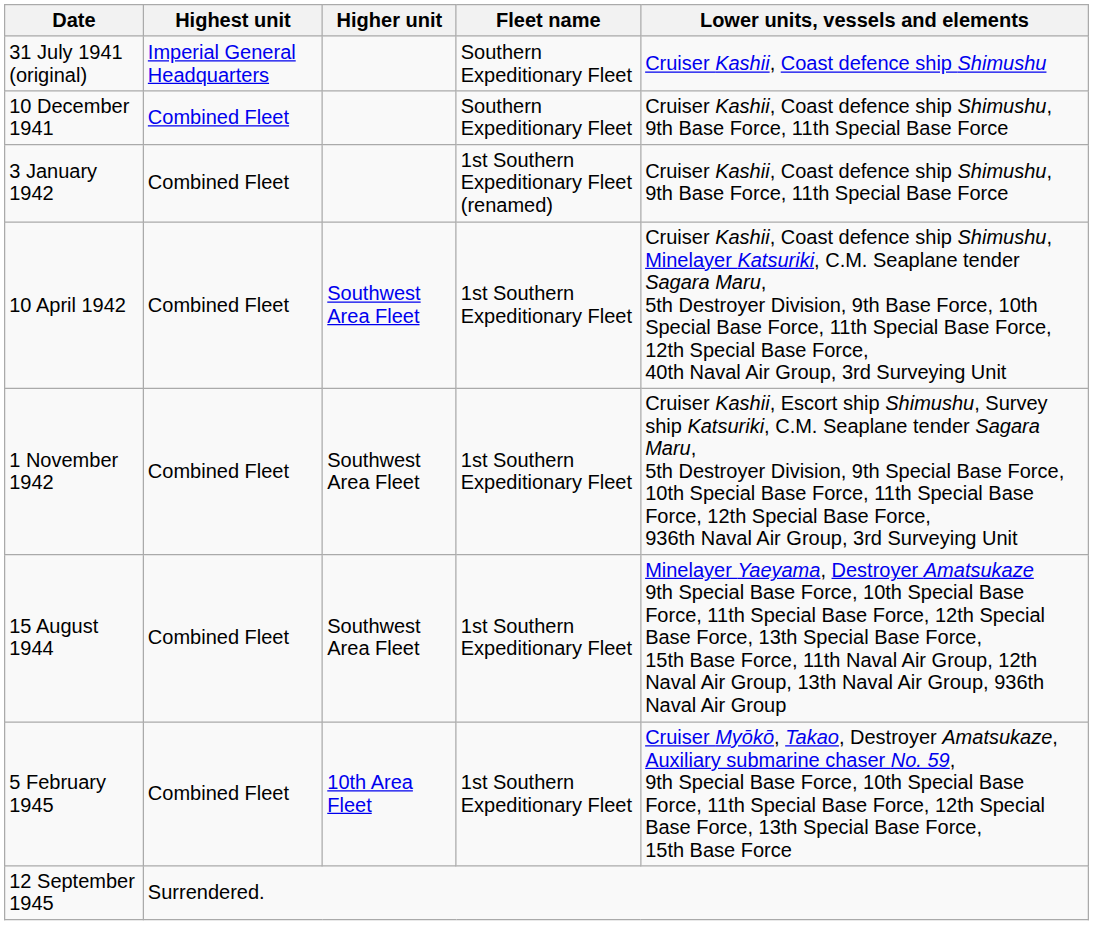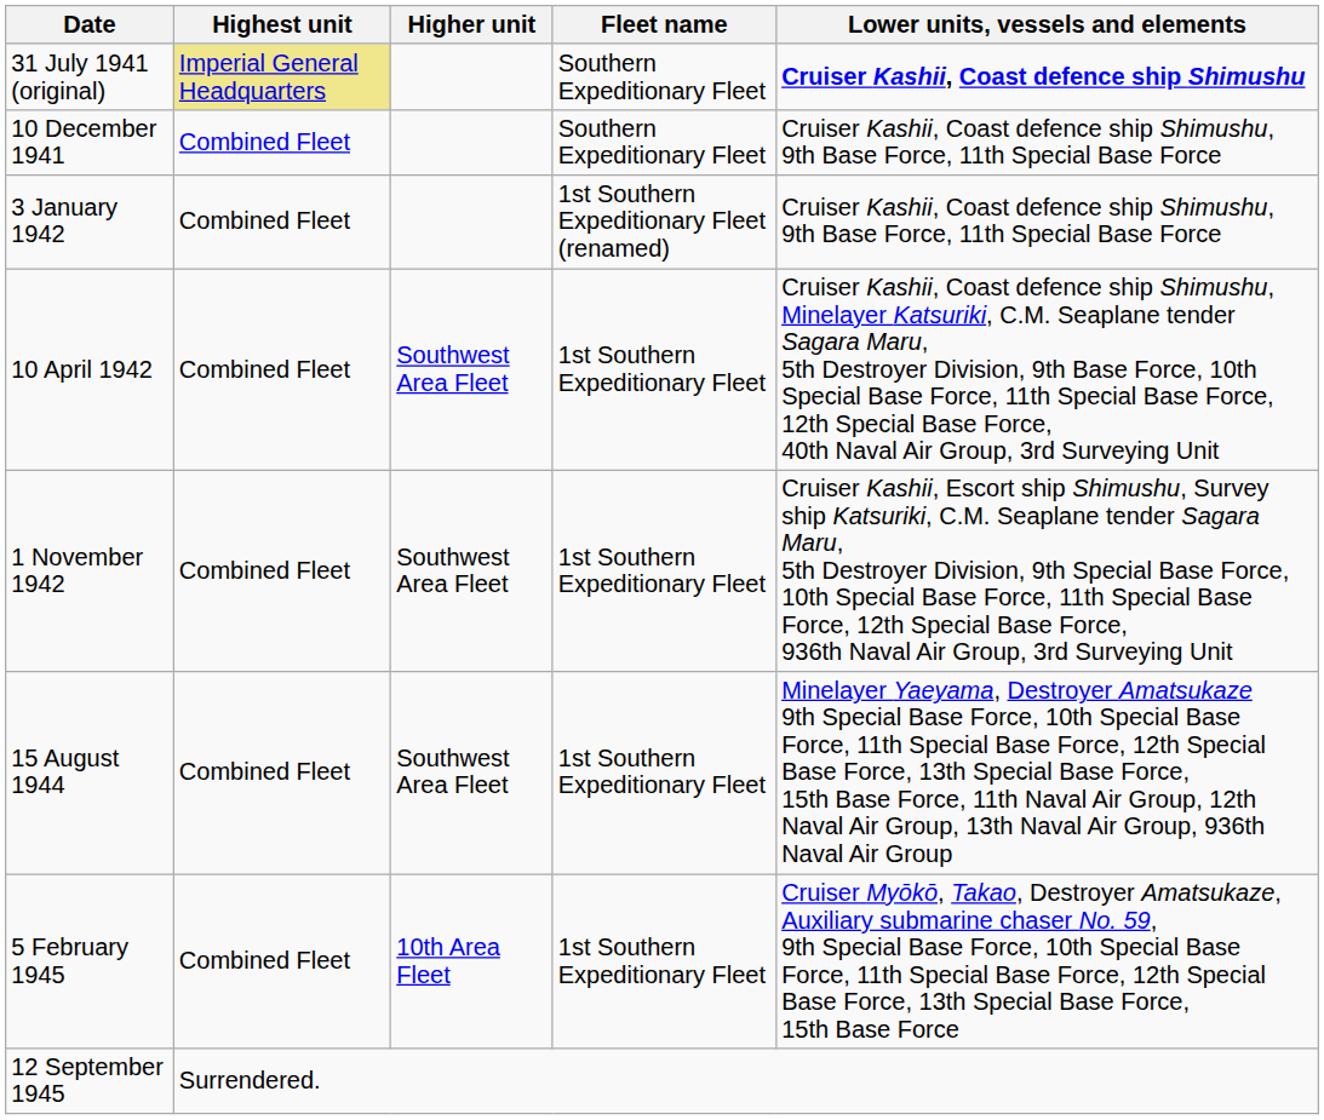 <table class="wikitable">
 <tr>
 <th>Date</th>
 <th>Highest unit</th>
 <th>Higher unit</th>
 <th>Fleet name</th>
 <th>Lower units, vessels and elements</th>
 </tr>
 <tr>
 <td>31 July 1941 (original)</td>
-<td><a href='#'>Imperial General Headquarters</a></td>
+<td style="background: khaki;"><a href='#'>Imperial General Headquarters</a></td>
 <td></td>
 <td>Southern Expeditionary Fleet</td>
-<td><a href='#'>Cruiser <em>Kashii</em></a>, <a href='#'>Coast defence ship <em>Shimushu</em></a></td>
+<td><strong><a href='#'>Cruiser <em>Kashii</em></a>, <a href='#'>Coast defence ship <em>Shimushu</em></a></strong></td>
 </tr>
 <tr>
 <td>10 December 1941</td>
 <td><a href='#'>Combined Fleet</a></td>
 <td></td>
 <td>Southern Expeditionary Fleet</td>
 <td>Cruiser <em>Kashii</em>, Coast defence ship <em>Shimushu</em>, 9th Base Force, 11th Special Base Force</td>
 </tr>
 <tr>
 <td>3 January 1942</td>
 <td>Combined Fleet</td>
 <td></td>
 <td>1st Southern Expeditionary Fleet<br>(renamed)</td>
 <td>Cruiser <em>Kashii</em>, Coast defence ship <em>Shimushu</em>, 9th Base Force, 11th Special Base Force</td>
 </tr>
 <tr>
 <td>10 April 1942</td>
 <td>Combined Fleet</td>
 <td><a href='#'>Southwest Area Fleet</a></td>
 <td>1st Southern Expeditionary Fleet</td>
 <td>Cruiser <em>Kashii</em>, Coast defence ship <em>Shimushu</em>, <a href='#'>Minelayer <em>Katsuriki</em></a>, C.M. Seaplane tender <em>Sagara Maru</em>,<br>5th Destroyer Division, 9th Base Force, 10th Special Base Force, 11th Special Base Force, 12th Special Base Force,<br>40th Naval Air Group, 3rd Surveying Unit</td>
 </tr>
 <tr>
 <td>1 November 1942</td>
 <td>Combined Fleet</td>
 <td>Southwest Area Fleet</td>
 <td>1st Southern Expeditionary Fleet</td>
 <td>Cruiser <em>Kashii</em>, Escort ship <em>Shimushu</em>, Survey ship <em>Katsuriki</em>, C.M. Seaplane tender <em>Sagara Maru</em>,<br>5th Destroyer Division, 9th Special Base Force, 10th Special Base Force, 11th Special Base Force, 12th Special Base Force,<br>936th Naval Air Group, 3rd Surveying Unit</td>
 </tr>
 <tr>
 <td>15 August 1944</td>
 <td>Combined Fleet</td>
 <td>Southwest Area Fleet</td>
 <td>1st Southern Expeditionary Fleet</td>
 <td><a href='#'>Minelayer <em>Yaeyama</em></a>, <a href='#'>Destroyer <em>Amatsukaze</em></a><br>9th Special Base Force, 10th Special Base Force, 11th Special Base Force, 12th Special Base Force, 13th Special Base Force,<br>15th Base Force, 11th Naval Air Group, 12th Naval Air Group, 13th Naval Air Group, 936th Naval Air Group</td>
 </tr>
 <tr>
 <td>5 February 1945</td>
 <td>Combined Fleet</td>
 <td><a href='#'>10th Area Fleet</a></td>
 <td>1st Southern Expeditionary Fleet</td>
 <td><a href='#'>Cruiser <em>Myōkō</em></a>, <a href='#'><em>Takao</em></a>, Destroyer <em>Amatsukaze</em>, <a href='#'>Auxiliary submarine chaser <em>No. 59</em></a>,<br>9th Special Base Force, 10th Special Base Force, 11th Special Base Force, 12th Special Base Force, 13th Special Base Force,<br>15th Base Force</td>
 </tr>
 <tr>
 <td>12 September 1945</td>
 <td colspan="4">Surrendered.</td>
 </tr>
 </table>
